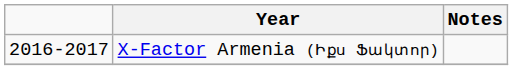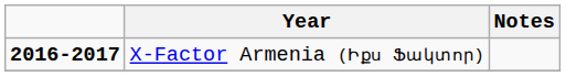 <table class="wikitable sortable">
 <tr>
 <td></td>
 <th>Year</th>
 <th class="unsortable">Notes</th>
 </tr>
 <tr>
-<td>2016-2017</td>
+<td><strong>2016-2017</strong></td>
 <td><a href='#'>X-Factor</a> Armenia <small>(Իքս Ֆակտոր)</small></td>
 <td></td>
 </tr>
 <tr>
 </tr>
 </table>
